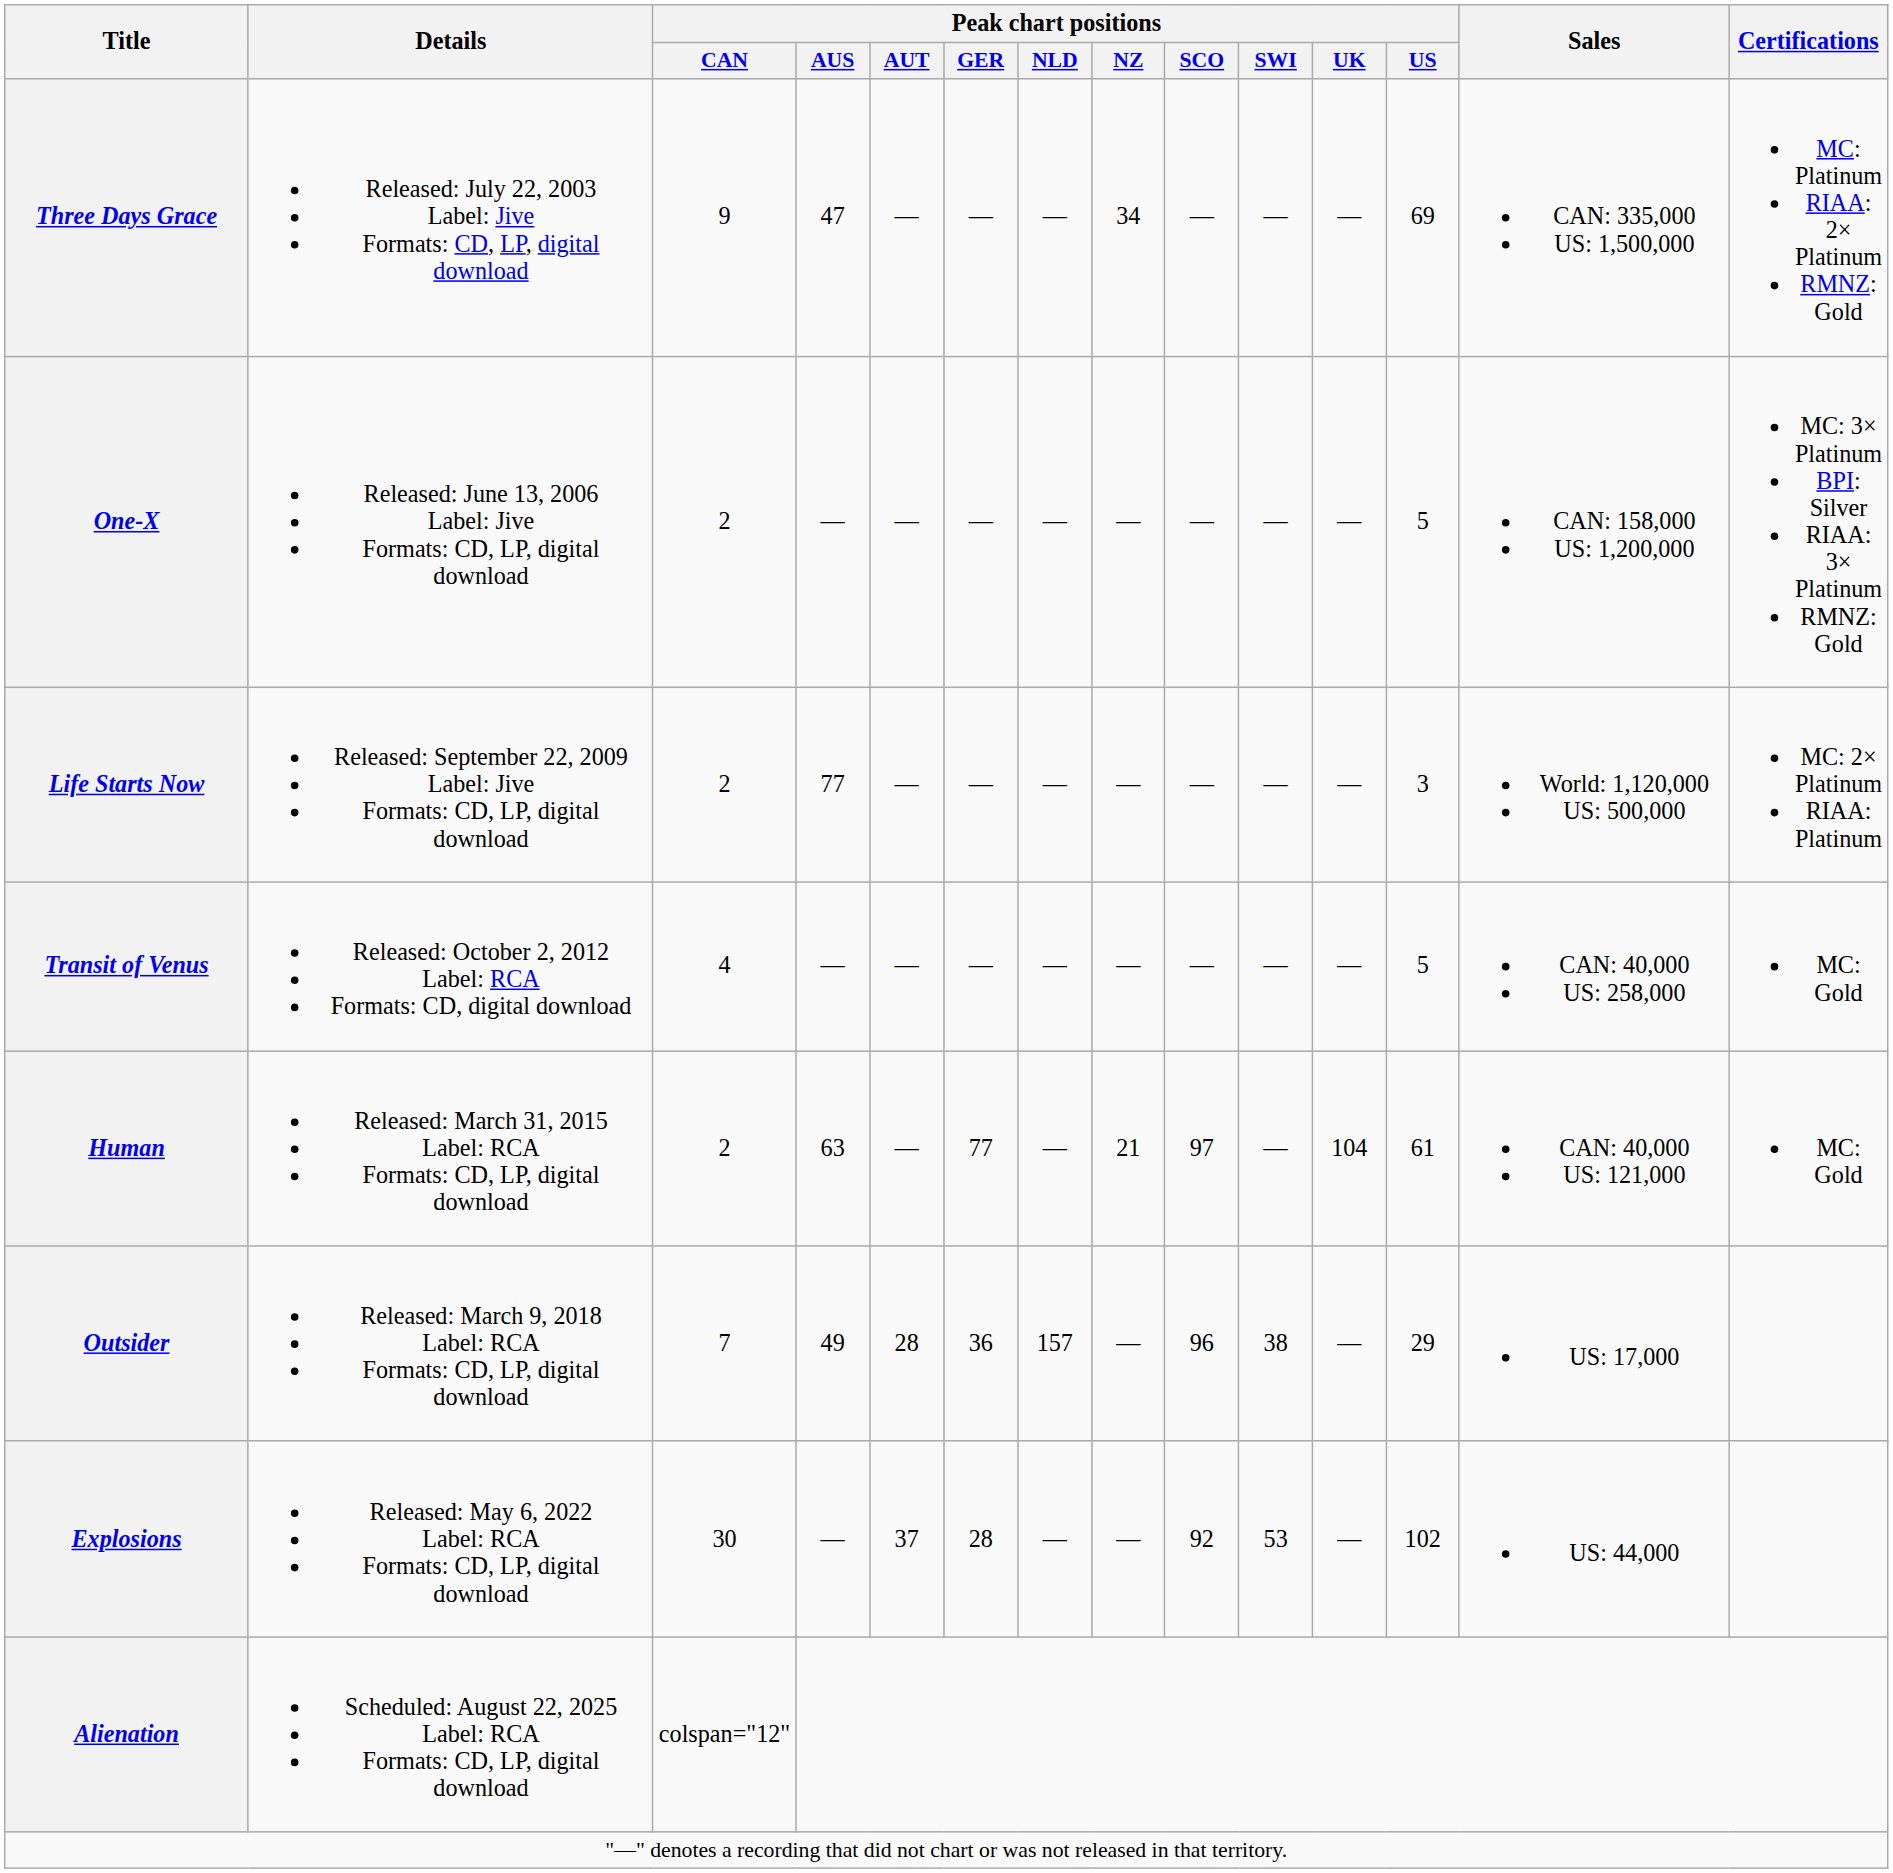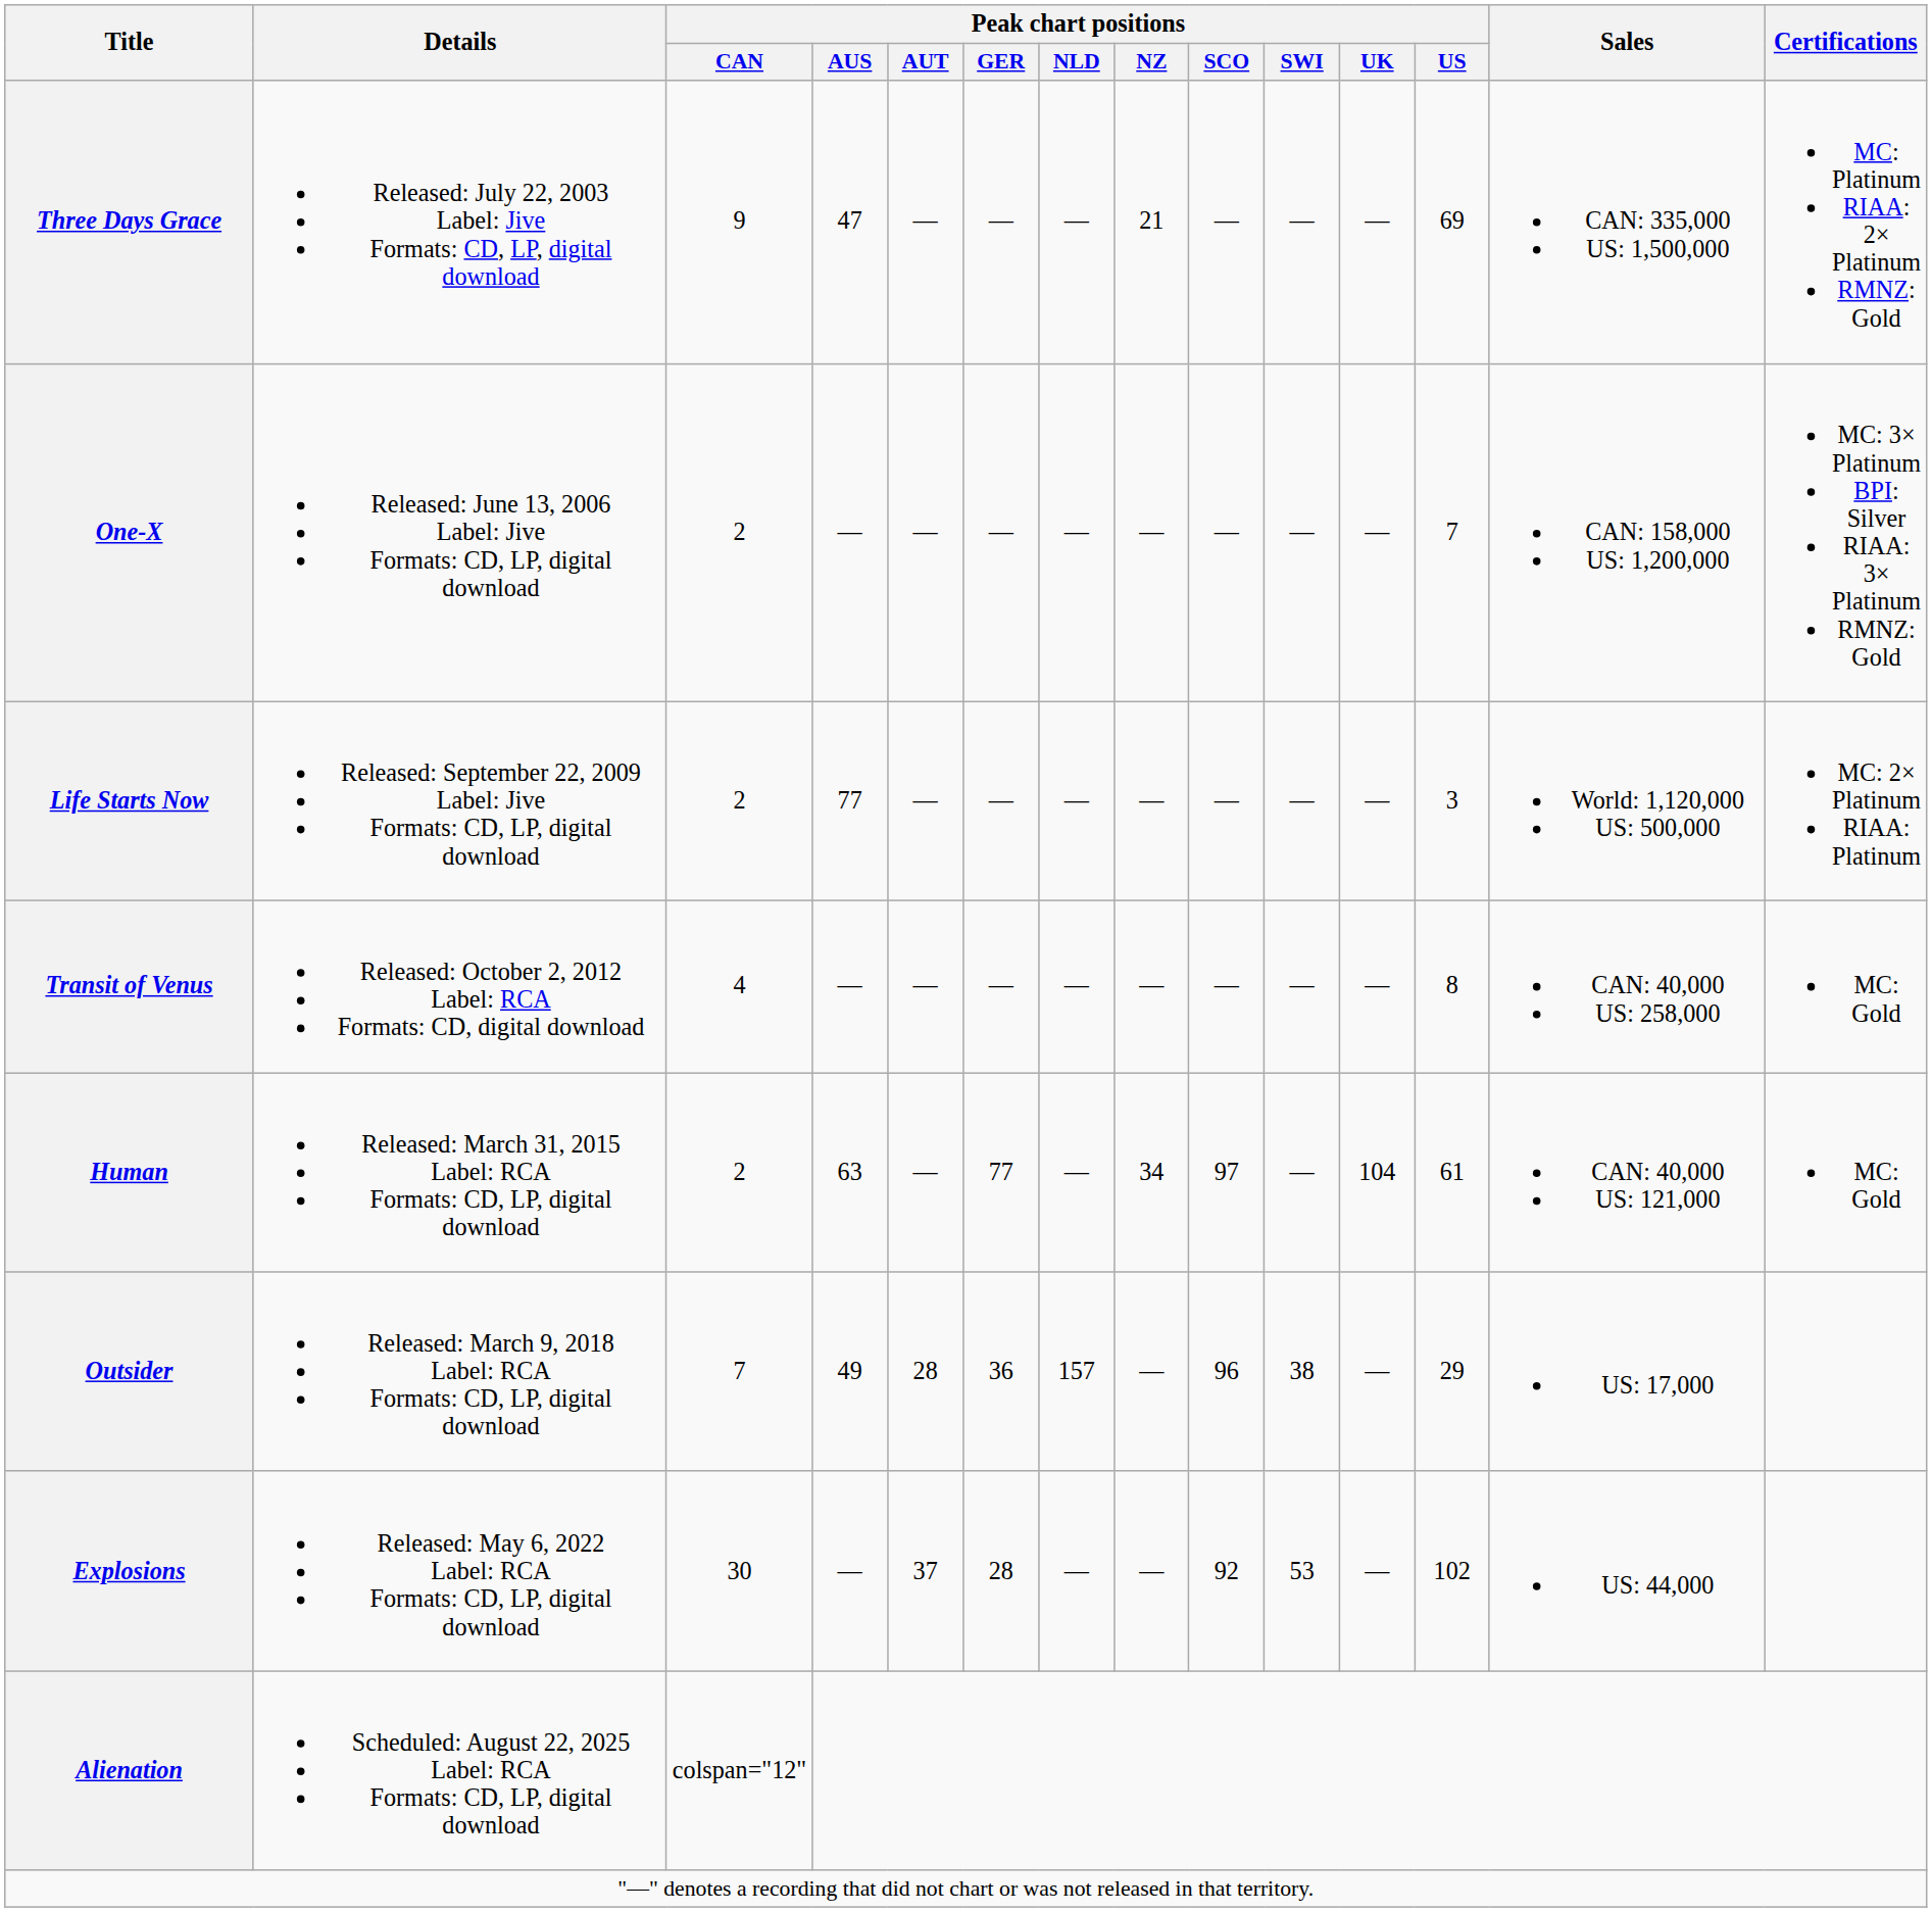 <table class="wikitable plainrowheaders" style="text-align:center;" border="1">
 <tr>
 <th scope="col" rowspan="2" style="width:10em;">Title</th>
 <th scope="col" rowspan="2" style="width:17em;">Details</th>
 <th scope="col" colspan="10">Peak chart positions</th>
 <th scope="col" rowspan="2" style="width:11em;">Sales</th>
 <th scope="col" rowspan="2"><a href='#'>Certifications</a></th>
 </tr>
 <tr>
 <th scope="col" style="width:3em;font-size:90%;"><a href='#'>CAN</a><br></th>
 <th scope="col" style="width:3em;font-size:90%;"><a href='#'>AUS</a><br></th>
 <th scope="col" style="width:3em;font-size:90%;"><a href='#'>AUT</a><br></th>
 <th scope="col" style="width:3em;font-size:90%;"><a href='#'>GER</a><br></th>
 <th scope="col" style="width:3em;font-size:90%;"><a href='#'>NLD</a><br></th>
 <th scope="col" style="width:3em;font-size:90%;"><a href='#'>NZ</a><br></th>
 <th scope="col" style="width:3em;font-size:90%;"><a href='#'>SCO</a><br></th>
 <th scope="col" style="width:3em;font-size:90%;"><a href='#'>SWI</a><br></th>
 <th scope="col" style="width:3em;font-size:90%;"><a href='#'>UK</a><br></th>
 <th scope="col" style="width:3em;font-size:90%;"><a href='#'>US</a><br></th>
 </tr>
 <tr>
 <th scope="row"><em><a href='#'>Three Days Grace</a></em></th>
 <td><br><ul><li>Released: July 22, 2003</li><li>Label: <a href='#'>Jive</a></li><li>Formats: <a href='#'>CD</a>, <a href='#'>LP</a>, <a href='#'>digital download</a></li></ul></td>
 <td>9</td>
 <td>47</td>
 <td>—</td>
 <td>—</td>
 <td>—</td>
-<td>34</td>
+<td>21</td>
 <td>—</td>
 <td>—</td>
 <td>—</td>
 <td>69</td>
 <td><br><ul><li>CAN: 335,000</li><li>US: 1,500,000</li></ul></td>
 <td><br><ul><li><a href='#'>MC</a>: Platinum</li><li><a href='#'>RIAA</a>: 2× Platinum</li><li><a href='#'>RMNZ</a>: Gold</li></ul></td>
 </tr>
 <tr>
 <th scope="row"><em><a href='#'>One-X</a></em></th>
 <td><br><ul><li>Released: June 13, 2006</li><li>Label: Jive</li><li>Formats: CD, LP, digital download</li></ul></td>
 <td>2</td>
 <td>—</td>
 <td>—</td>
 <td>—</td>
 <td>—</td>
 <td>—</td>
 <td>—</td>
 <td>—</td>
 <td>—</td>
-<td>5</td>
+<td>7</td>
 <td><br><ul><li>CAN: 158,000</li><li>US: 1,200,000</li></ul></td>
 <td><br><ul><li>MC: 3× Platinum</li><li><a href='#'>BPI</a>: Silver</li><li>RIAA: 3× Platinum</li><li>RMNZ: Gold</li></ul></td>
 </tr>
 <tr>
 <th scope="row"><em><a href='#'>Life Starts Now</a></em></th>
 <td><br><ul><li>Released: September 22, 2009</li><li>Label: Jive</li><li>Formats: CD, LP, digital download</li></ul></td>
 <td>2</td>
 <td>77</td>
 <td>—</td>
 <td>—</td>
 <td>—</td>
 <td>—</td>
 <td>—</td>
 <td>—</td>
 <td>—</td>
 <td>3</td>
 <td><br><ul><li>World: 1,120,000</li><li>US: 500,000</li></ul></td>
 <td><br><ul><li>MC: 2× Platinum</li><li>RIAA: Platinum</li></ul></td>
 </tr>
 <tr>
 <th scope="row"><em><a href='#'>Transit of Venus</a></em></th>
 <td><br><ul><li>Released: October 2, 2012</li><li>Label: <a href='#'>RCA</a></li><li>Formats: CD, digital download</li></ul></td>
 <td>4</td>
 <td>—</td>
 <td>—</td>
 <td>—</td>
 <td>—</td>
 <td>—</td>
 <td>—</td>
 <td>—</td>
 <td>—</td>
-<td>5</td>
+<td>8</td>
 <td><br><ul><li>CAN: 40,000</li><li>US: 258,000</li></ul></td>
 <td><br><ul><li>MC: Gold</li></ul></td>
 </tr>
 <tr>
 <th scope="row"><em><a href='#'>Human</a></em></th>
 <td><br><ul><li>Released: March 31, 2015</li><li>Label: RCA</li><li>Formats: CD, LP, digital download</li></ul></td>
 <td>2</td>
 <td>63</td>
 <td>—</td>
 <td>77</td>
 <td>—</td>
-<td>21</td>
+<td>34</td>
 <td>97</td>
 <td>—</td>
 <td>104</td>
 <td>61</td>
 <td><br><ul><li>CAN: 40,000</li><li>US: 121,000</li></ul></td>
 <td><br><ul><li>MC: Gold</li></ul></td>
 </tr>
 <tr>
 <th scope="row"><em><a href='#'>Outsider</a></em></th>
 <td><br><ul><li>Released: March 9, 2018</li><li>Label: RCA</li><li>Formats: CD, LP, digital download</li></ul></td>
 <td>7</td>
 <td>49</td>
 <td>28</td>
 <td>36</td>
 <td>157</td>
 <td>—</td>
 <td>96</td>
 <td>38</td>
 <td>—</td>
 <td>29</td>
 <td><br><ul><li>US: 17,000</li></ul></td>
 <td></td>
 </tr>
 <tr>
 <th scope="row"><em><a href='#'>Explosions</a></em></th>
 <td><br><ul><li>Released: May 6, 2022</li><li>Label: RCA</li><li>Formats: CD, LP, digital download</li></ul></td>
 <td>30</td>
 <td>—</td>
 <td>37</td>
 <td>28</td>
 <td>—</td>
 <td>—</td>
 <td>92</td>
 <td>53</td>
 <td>—</td>
 <td>102</td>
 <td><br><ul><li>US: 44,000</li></ul></td>
 <td></td>
 </tr>
 <tr>
 <th scope="row"><em><a href='#'>Alienation</a></em></th>
 <td><br><ul><li>Scheduled: August 22, 2025</li><li>Label: RCA</li><li>Formats: CD, LP, digital download</li></ul></td>
 <td>colspan="12" </td>
 </tr>
 <tr>
 <td colspan="15" style="font-size:90%">"—" denotes a recording that did not chart or was not released in that territory.</td>
 </tr>
 </table>
